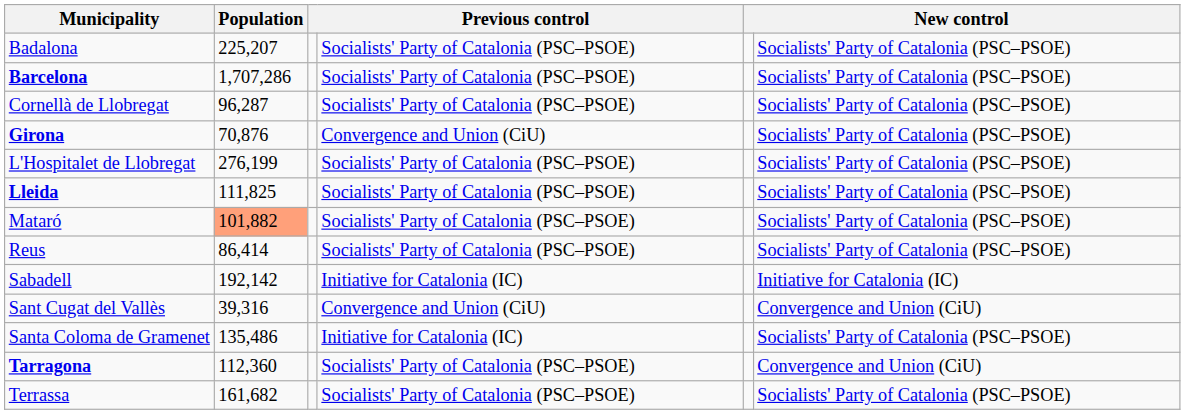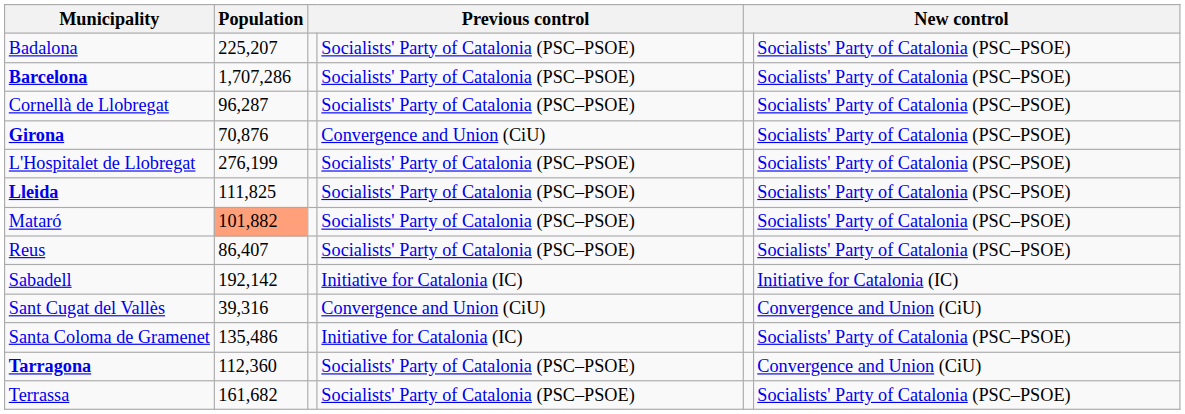 <table class="wikitable sortable">
 <tr>
 <th>Municipality</th>
 <th>Population</th>
 <th colspan="2" style="width:375px;">Previous control</th>
 <th colspan="2" style="width:375px;">New control</th>
 </tr>
 <tr>
 <td><a href='#'>Badalona</a></td>
 <td>225,207</td>
 <td width="1" style="color:inherit;background:"></td>
 <td><a href='#'>Socialists' Party of Catalonia</a> (PSC–PSOE)</td>
 <td width="1" style="color:inherit;background:"></td>
 <td><a href='#'>Socialists' Party of Catalonia</a> (PSC–PSOE)</td>
 </tr>
 <tr>
 <td><strong><a href='#'>Barcelona</a></strong></td>
 <td>1,707,286</td>
 <td style="color:inherit;background:"></td>
 <td><a href='#'>Socialists' Party of Catalonia</a> (PSC–PSOE)</td>
 <td style="color:inherit;background:"></td>
 <td><a href='#'>Socialists' Party of Catalonia</a> (PSC–PSOE)</td>
 </tr>
 <tr>
 <td><a href='#'>Cornellà de Llobregat</a></td>
 <td>96,287</td>
 <td style="color:inherit;background:"></td>
 <td><a href='#'>Socialists' Party of Catalonia</a> (PSC–PSOE)</td>
 <td style="color:inherit;background:"></td>
 <td><a href='#'>Socialists' Party of Catalonia</a> (PSC–PSOE)</td>
 </tr>
 <tr>
 <td><strong><a href='#'>Girona</a></strong></td>
 <td>70,876</td>
 <td style="color:inherit;background:"></td>
 <td><a href='#'>Convergence and Union</a> (CiU)</td>
 <td style="color:inherit;background:"></td>
 <td><a href='#'>Socialists' Party of Catalonia</a> (PSC–PSOE)</td>
 </tr>
 <tr>
 <td><a href='#'>L'Hospitalet de Llobregat</a></td>
 <td>276,199</td>
 <td style="color:inherit;background:"></td>
 <td><a href='#'>Socialists' Party of Catalonia</a> (PSC–PSOE)</td>
 <td style="color:inherit;background:"></td>
 <td><a href='#'>Socialists' Party of Catalonia</a> (PSC–PSOE)</td>
 </tr>
 <tr>
 <td><strong><a href='#'>Lleida</a></strong></td>
 <td>111,825</td>
 <td style="color:inherit;background:"></td>
 <td><a href='#'>Socialists' Party of Catalonia</a> (PSC–PSOE)</td>
 <td style="color:inherit;background:"></td>
 <td><a href='#'>Socialists' Party of Catalonia</a> (PSC–PSOE)</td>
 </tr>
 <tr>
 <td><a href='#'>Mataró</a></td>
 <td style="background: lightsalmon;">101,882</td>
 <td style="color:inherit;background:"></td>
 <td><a href='#'>Socialists' Party of Catalonia</a> (PSC–PSOE)</td>
 <td style="color:inherit;background:"></td>
 <td><a href='#'>Socialists' Party of Catalonia</a> (PSC–PSOE)</td>
 </tr>
 <tr>
 <td><a href='#'>Reus</a></td>
-<td>86,414</td>
+<td>86,407</td>
 <td style="color:inherit;background:"></td>
 <td><a href='#'>Socialists' Party of Catalonia</a> (PSC–PSOE)</td>
 <td style="color:inherit;background:"></td>
 <td><a href='#'>Socialists' Party of Catalonia</a> (PSC–PSOE)</td>
 </tr>
 <tr>
 <td><a href='#'>Sabadell</a></td>
 <td>192,142</td>
 <td style="color:inherit;background:"></td>
 <td><a href='#'>Initiative for Catalonia</a> (IC)</td>
 <td style="color:inherit;background:"></td>
 <td><a href='#'>Initiative for Catalonia</a> (IC)</td>
 </tr>
 <tr>
 <td><a href='#'>Sant Cugat del Vallès</a></td>
 <td>39,316</td>
 <td style="color:inherit;background:"></td>
 <td><a href='#'>Convergence and Union</a> (CiU)</td>
 <td style="color:inherit;background:"></td>
 <td><a href='#'>Convergence and Union</a> (CiU)</td>
 </tr>
 <tr>
 <td><a href='#'>Santa Coloma de Gramenet</a></td>
 <td>135,486</td>
 <td style="color:inherit;background:"></td>
 <td><a href='#'>Initiative for Catalonia</a> (IC)</td>
 <td style="color:inherit;background:"></td>
 <td><a href='#'>Socialists' Party of Catalonia</a> (PSC–PSOE)</td>
 </tr>
 <tr>
 <td><strong><a href='#'>Tarragona</a></strong></td>
 <td>112,360</td>
 <td style="color:inherit;background:"></td>
 <td><a href='#'>Socialists' Party of Catalonia</a> (PSC–PSOE)</td>
 <td style="color:inherit;background:"></td>
 <td><a href='#'>Convergence and Union</a> (CiU)</td>
 </tr>
 <tr>
 <td><a href='#'>Terrassa</a></td>
 <td>161,682</td>
 <td style="color:inherit;background:"></td>
 <td><a href='#'>Socialists' Party of Catalonia</a> (PSC–PSOE)</td>
 <td style="color:inherit;background:"></td>
 <td><a href='#'>Socialists' Party of Catalonia</a> (PSC–PSOE)</td>
 </tr>
 </table>
